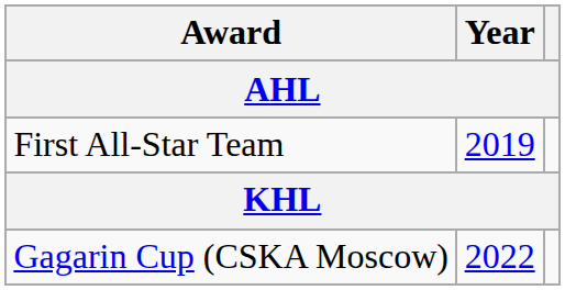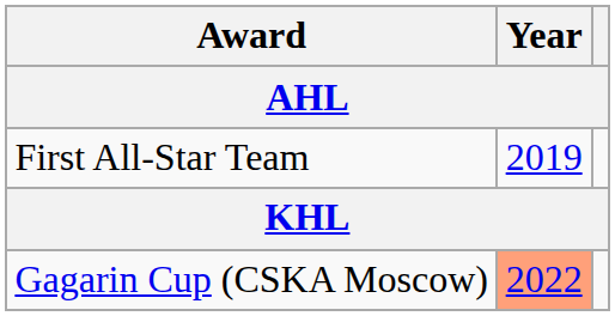 <table class="wikitable">
 <tr>
 <th>Award</th>
 <th>Year</th>
 <th></th>
 </tr>
 <tr>
 <th colspan="3"><a href='#'>AHL</a></th>
 </tr>
 <tr>
 <td>First All-Star Team</td>
 <td><a href='#'>2019</a></td>
 <td></td>
 </tr>
 <tr>
 <th colspan="3"><a href='#'>KHL</a></th>
 </tr>
 <tr>
 <td><a href='#'>Gagarin Cup</a> (CSKA Moscow)</td>
-<td><a href='#'>2022</a></td>
+<td style="background: lightsalmon;"><a href='#'>2022</a></td>
 <td></td>
 </tr>
 </table>
